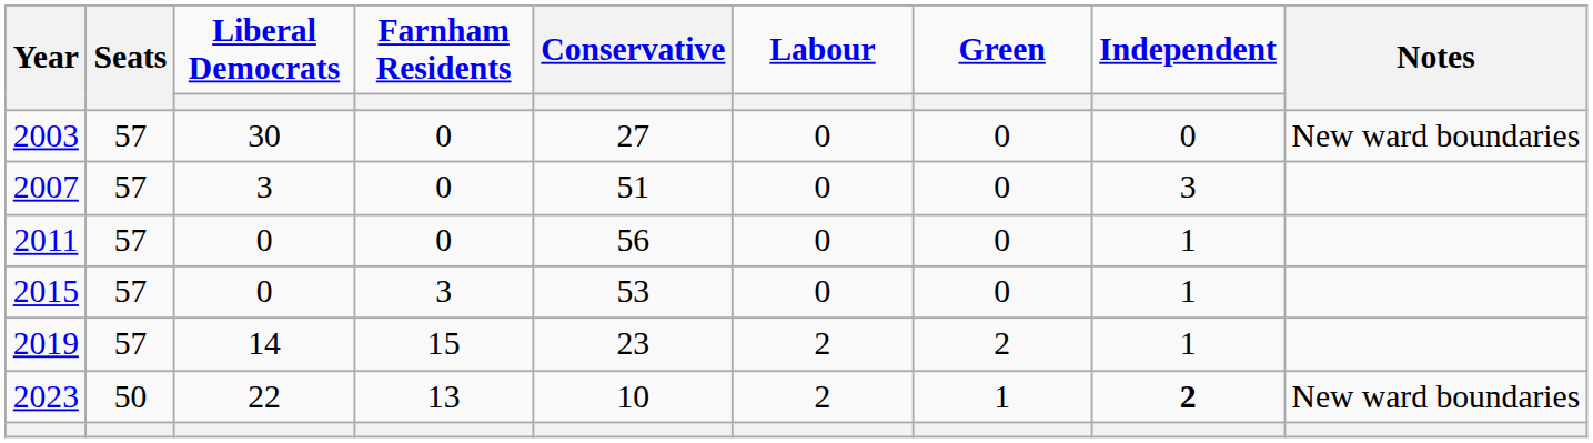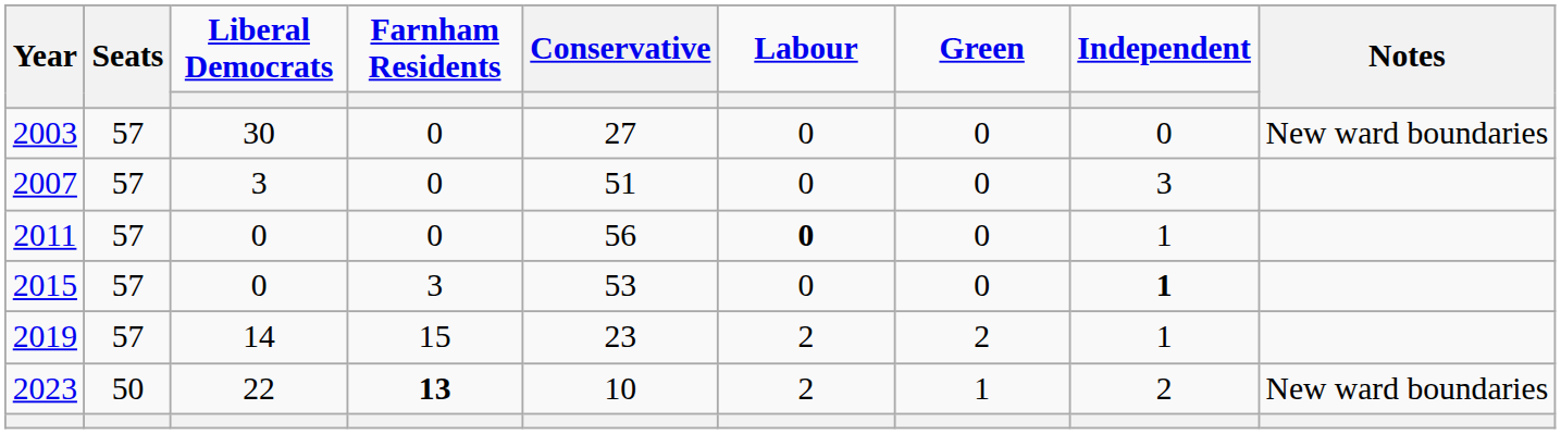 <table class=wikitable style=text-align:center>
 <tr>
 <th rowspan=2><strong>Year</strong></th>
 <th rowspan=2><strong>Seats</strong></th>
 <td width="80"><a href='#'><strong>Liberal Democrats</strong></a></td>
 <td width="80"><strong><a href='#'>Farnham Residents</a></strong></td>
 <th width="80"><a href='#'><strong>Conservative</strong></a></th>
 <td width="80"><a href='#'><strong>Labour</strong></a></td>
 <td width="80"><a href='#'><strong>Green</strong></a></td>
 <td width="80"><a href='#'><strong>Independent</strong></a></td>
 <th rowspan=2><strong>Notes</strong></th>
 </tr>
 <tr>
 <th style="background-color: "></th>
 <th style="background-color: "></th>
 <th style="background-color: "></th>
 <th style="background-color: "></th>
 <th style="background-color: "></th>
 <th style="background-color: "></th>
 </tr>
 <tr>
 <td><a href='#'>2003</a></td>
 <td>57</td>
 <td>30</td>
 <td>0</td>
 <td>27</td>
 <td>0</td>
 <td>0</td>
 <td>0</td>
 <td align=left>New ward boundaries</td>
 </tr>
 <tr>
 <td><a href='#'>2007</a></td>
 <td>57</td>
 <td>3</td>
 <td>0</td>
 <td>51</td>
 <td>0</td>
 <td>0</td>
 <td>3</td>
 <td></td>
 </tr>
 <tr>
 <td><a href='#'>2011</a></td>
 <td>57</td>
 <td>0</td>
 <td>0</td>
 <td>56</td>
-<td>0</td>
+<td><strong>0</strong></td>
 <td>0</td>
 <td>1</td>
 <td></td>
 </tr>
 <tr>
 <td><a href='#'>2015</a></td>
 <td>57</td>
 <td>0</td>
 <td>3</td>
 <td>53</td>
 <td>0</td>
 <td>0</td>
-<td>1</td>
+<td><strong>1</strong></td>
 <td></td>
 </tr>
 <tr>
 <td><a href='#'>2019</a></td>
 <td>57</td>
 <td>14</td>
 <td>15</td>
 <td>23</td>
 <td>2</td>
 <td>2</td>
 <td>1</td>
 <td></td>
 </tr>
 <tr>
 <td><a href='#'>2023</a></td>
 <td>50</td>
 <td>22</td>
-<td>13</td>
+<td><strong>13</strong></td>
 <td>10</td>
 <td>2</td>
 <td>1</td>
-<td><strong>2</strong></td>
+<td>2</td>
 <td align=left>New ward boundaries</td>
 </tr>
 <tr>
 <th></th>
 <th></th>
 <th style="background-color: "></th>
 <th style="background-color: "></th>
 <th style="background-color: "></th>
 <th style="background-color: "></th>
 <th style="background-color: "></th>
 <th style="background-color: "></th>
 <th></th>
 </tr>
 </table>
